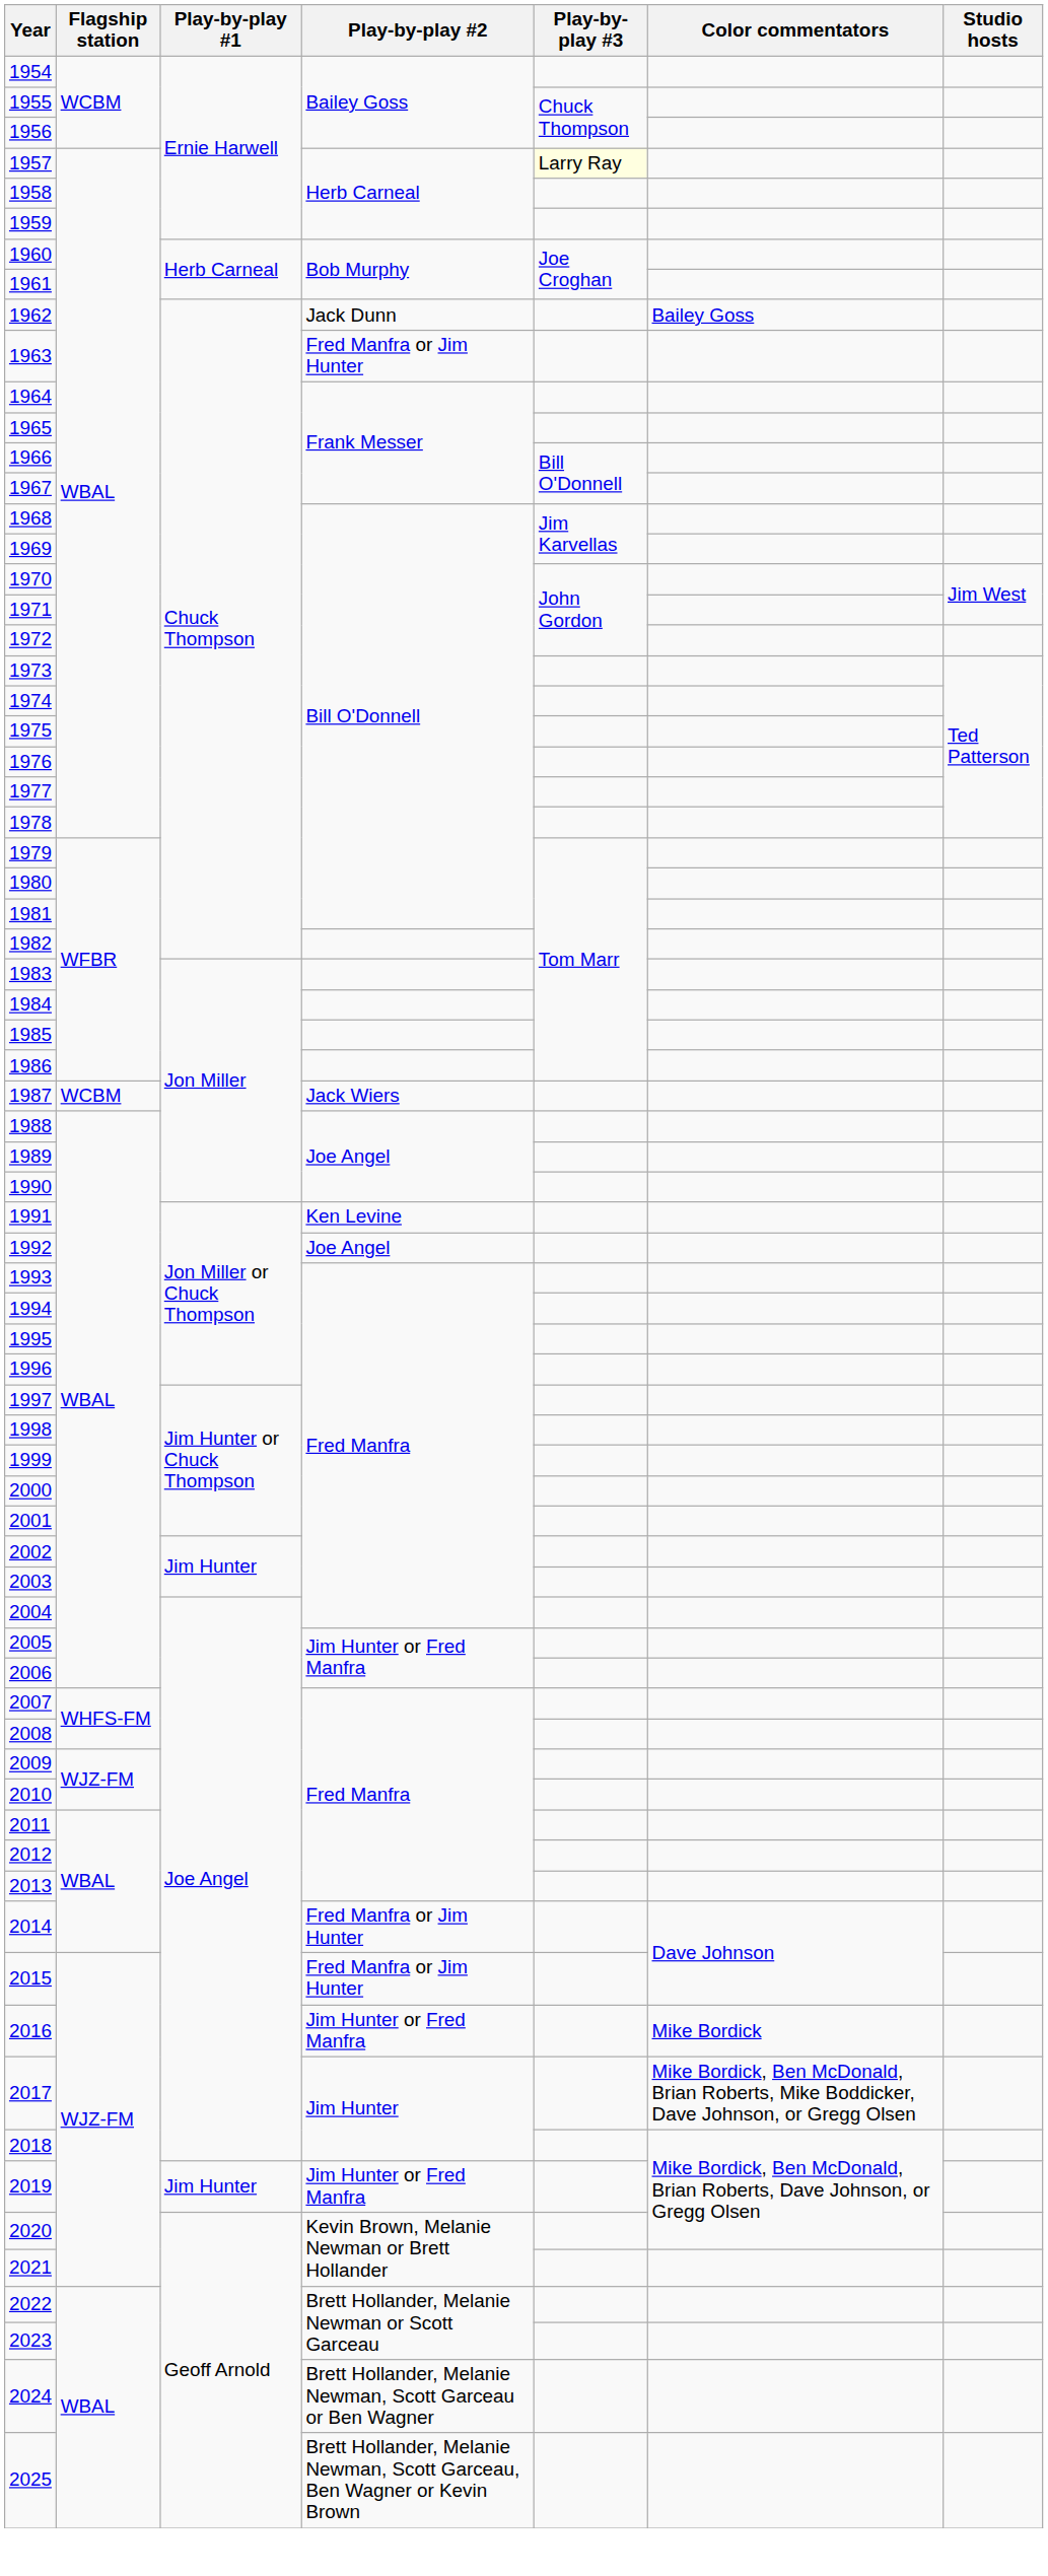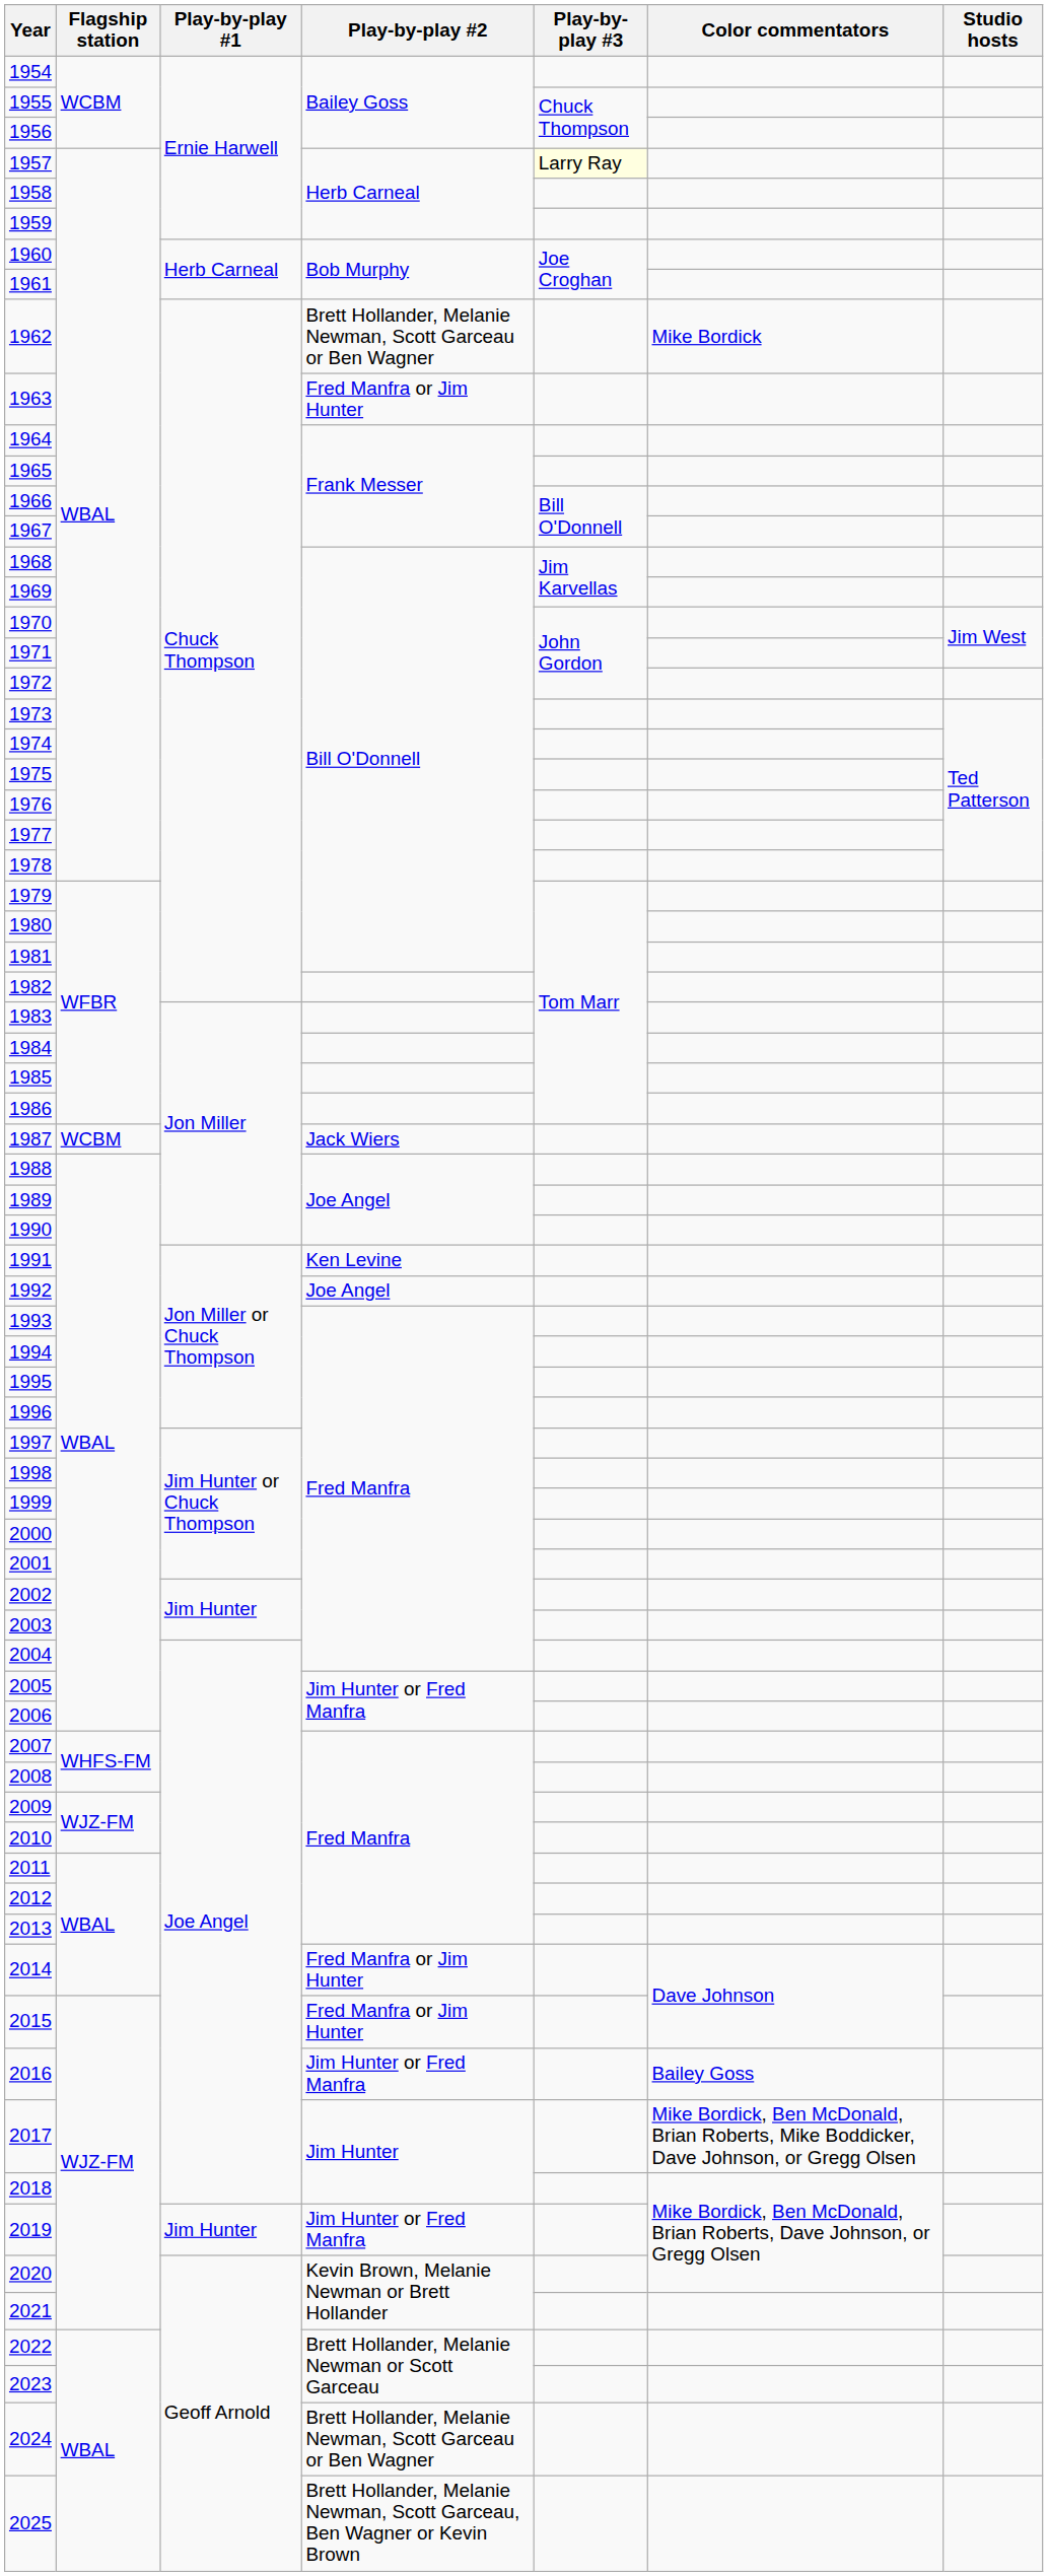 <table class="wikitable">
 <tr>
 <th>Year</th>
 <th>Flagship station</th>
 <th>Play-by-play #1</th>
 <th>Play-by-play #2</th>
 <th>Play-by-play #3</th>
 <th>Color commentators</th>
 <th>Studio hosts</th>
 </tr>
 <tr>
 <td><a href='#'>1954</a></td>
 <td rowspan=3><a href='#'>WCBM</a></td>
 <td rowspan=6><a href='#'>Ernie Harwell</a></td>
 <td rowspan=3><a href='#'>Bailey Goss</a></td>
 <td></td>
 <td></td>
 <td></td>
 </tr>
 <tr>
 <td><a href='#'>1955</a></td>
 <td rowspan=2><a href='#'>Chuck Thompson</a></td>
 <td></td>
 <td></td>
 </tr>
 <tr>
 <td><a href='#'>1956</a></td>
 <td></td>
 <td></td>
 </tr>
 <tr>
 <td><a href='#'>1957</a></td>
 <td rowspan=22><a href='#'>WBAL</a></td>
 <td rowspan=3><a href='#'>Herb Carneal</a></td>
 <td style="background: lightyellow;">Larry Ray</td>
 <td></td>
 <td></td>
 </tr>
 <tr>
 <td><a href='#'>1958</a></td>
 <td></td>
 <td></td>
 <td></td>
 </tr>
 <tr>
 <td><a href='#'>1959</a></td>
 <td></td>
 <td></td>
 <td></td>
 </tr>
 <tr>
 <td><a href='#'>1960</a></td>
 <td rowspan=2><a href='#'>Herb Carneal</a></td>
 <td rowspan=2><a href='#'>Bob Murphy</a></td>
 <td rowspan=2><a href='#'>Joe Croghan</a></td>
 <td></td>
 <td></td>
 </tr>
 <tr>
 <td><a href='#'>1961</a></td>
 <td></td>
 <td></td>
 </tr>
 <tr>
 <td><a href='#'>1962</a></td>
 <td rowspan=21><a href='#'>Chuck Thompson</a></td>
-<td>Jack Dunn</td>
+<td>Brett Hollander, Melanie Newman, Scott Garceau or Ben Wagner</td>
 <td></td>
-<td><a href='#'>Bailey Goss</a></td>
+<td><a href='#'>Mike Bordick</a></td>
 <td></td>
 </tr>
 <tr>
 <td><a href='#'>1963</a></td>
 <td><a href='#'>Fred Manfra</a> or <a href='#'>Jim Hunter</a></td>
 <td></td>
 <td></td>
 <td></td>
 </tr>
 <tr>
 <td><a href='#'>1964</a></td>
 <td rowspan=4><a href='#'>Frank Messer</a></td>
 <td></td>
 <td></td>
 <td></td>
 </tr>
 <tr>
 <td><a href='#'>1965</a></td>
 <td></td>
 <td></td>
 <td></td>
 </tr>
 <tr>
 <td><a href='#'>1966</a></td>
 <td rowspan=2><a href='#'>Bill O'Donnell</a></td>
 <td></td>
 <td></td>
 </tr>
 <tr>
 <td><a href='#'>1967</a></td>
 <td></td>
 <td></td>
 </tr>
 <tr>
 <td><a href='#'>1968</a></td>
 <td rowspan=14><a href='#'>Bill O'Donnell</a></td>
 <td rowspan=2><a href='#'>Jim Karvellas</a></td>
 <td></td>
 <td></td>
 </tr>
 <tr>
 <td><a href='#'>1969</a></td>
 <td></td>
 <td></td>
 </tr>
 <tr>
 <td><a href='#'>1970</a></td>
 <td rowspan=3><a href='#'>John Gordon</a></td>
 <td></td>
 <td rowspan=2><a href='#'>Jim West</a></td>
 </tr>
 <tr>
 <td><a href='#'>1971</a></td>
 <td></td>
 </tr>
 <tr>
 <td><a href='#'>1972</a></td>
 <td></td>
 <td></td>
 </tr>
 <tr>
 <td><a href='#'>1973</a></td>
 <td></td>
 <td></td>
 <td rowspan=6><a href='#'>Ted Patterson</a></td>
 </tr>
 <tr>
 <td><a href='#'>1974</a></td>
 <td></td>
 <td></td>
 </tr>
 <tr>
 <td><a href='#'>1975</a></td>
 <td></td>
 <td></td>
 </tr>
 <tr>
 <td><a href='#'>1976</a></td>
 <td></td>
 <td></td>
 </tr>
 <tr>
 <td><a href='#'>1977</a></td>
 <td></td>
 <td></td>
 </tr>
 <tr>
 <td><a href='#'>1978</a></td>
 <td></td>
 <td></td>
 </tr>
 <tr>
 <td><a href='#'>1979</a></td>
 <td rowspan=8><a href='#'>WFBR</a></td>
 <td rowspan=8><a href='#'>Tom Marr</a></td>
 <td></td>
 </tr>
 <tr>
 <td><a href='#'>1980</a></td>
 <td></td>
 <td></td>
 </tr>
 <tr>
 <td><a href='#'>1981</a></td>
 <td></td>
 <td></td>
 </tr>
 <tr>
 <td><a href='#'>1982</a></td>
 <td></td>
 <td></td>
 <td></td>
 </tr>
 <tr>
 <td><a href='#'>1983</a></td>
 <td rowspan=8><a href='#'>Jon Miller</a></td>
 <td></td>
 <td></td>
 <td></td>
 </tr>
 <tr>
 <td><a href='#'>1984</a></td>
 <td></td>
 <td></td>
 <td></td>
 </tr>
 <tr>
 <td><a href='#'>1985</a></td>
 <td></td>
 <td></td>
 <td></td>
 </tr>
 <tr>
 <td><a href='#'>1986</a></td>
 <td></td>
 <td></td>
 <td></td>
 </tr>
 <tr>
 <td><a href='#'>1987</a></td>
 <td><a href='#'>WCBM</a></td>
 <td><a href='#'>Jack Wiers</a></td>
 <td></td>
 <td></td>
 <td></td>
 </tr>
 <tr>
 <td><a href='#'>1988</a></td>
 <td rowspan=19><a href='#'>WBAL</a></td>
 <td rowspan=3><a href='#'>Joe Angel</a></td>
 <td></td>
 <td></td>
 <td></td>
 </tr>
 <tr>
 <td><a href='#'>1989</a></td>
 <td></td>
 <td></td>
 <td></td>
 </tr>
 <tr>
 <td><a href='#'>1990</a></td>
 <td></td>
 <td></td>
 <td></td>
 </tr>
 <tr>
 <td><a href='#'>1991</a></td>
 <td rowspan=6><a href='#'>Jon Miller</a> or <a href='#'>Chuck Thompson</a></td>
 <td><a href='#'>Ken Levine</a></td>
 <td></td>
 <td></td>
 <td></td>
 </tr>
 <tr>
 <td><a href='#'>1992</a></td>
 <td><a href='#'>Joe Angel</a></td>
 <td></td>
 <td></td>
 <td></td>
 </tr>
 <tr>
 <td><a href='#'>1993</a></td>
 <td rowspan=12><a href='#'>Fred Manfra</a></td>
 <td></td>
 <td></td>
 <td></td>
 </tr>
 <tr>
 <td><a href='#'>1994</a></td>
 <td></td>
 <td></td>
 <td></td>
 </tr>
 <tr>
 <td><a href='#'>1995</a></td>
 <td></td>
 <td></td>
 <td></td>
 </tr>
 <tr>
 <td><a href='#'>1996</a></td>
 <td></td>
 <td></td>
 <td></td>
 </tr>
 <tr>
 <td><a href='#'>1997</a></td>
 <td rowspan=5><a href='#'>Jim Hunter</a> or <a href='#'>Chuck Thompson</a></td>
 <td></td>
 <td></td>
 <td></td>
 </tr>
 <tr>
 <td><a href='#'>1998</a></td>
 <td></td>
 <td></td>
 <td></td>
 </tr>
 <tr>
 <td><a href='#'>1999</a></td>
 <td></td>
 <td></td>
 <td></td>
 </tr>
 <tr>
 <td><a href='#'>2000</a></td>
 <td></td>
 <td></td>
 <td></td>
 </tr>
 <tr>
 <td><a href='#'>2001</a></td>
 <td></td>
 <td></td>
 <td></td>
 </tr>
 <tr>
 <td><a href='#'>2002</a></td>
 <td rowspan=2><a href='#'>Jim Hunter</a></td>
 <td></td>
 <td></td>
 <td></td>
 </tr>
 <tr>
 <td><a href='#'>2003</a></td>
 <td></td>
 <td></td>
 <td></td>
 </tr>
 <tr>
 <td><a href='#'>2004</a></td>
 <td rowspan=15><a href='#'>Joe Angel</a></td>
 <td></td>
 <td></td>
 <td></td>
 </tr>
 <tr>
 <td><a href='#'>2005</a></td>
 <td rowspan=2><a href='#'>Jim Hunter</a> or <a href='#'>Fred Manfra</a></td>
 <td></td>
 <td></td>
 <td></td>
 </tr>
 <tr>
 <td><a href='#'>2006</a></td>
 <td></td>
 <td></td>
 <td></td>
 </tr>
 <tr>
 <td><a href='#'>2007</a></td>
 <td rowspan=2><a href='#'>WHFS-FM</a></td>
 <td rowspan=7><a href='#'>Fred Manfra</a></td>
 <td></td>
 <td></td>
 <td></td>
 </tr>
 <tr>
 <td><a href='#'>2008</a></td>
 <td></td>
 <td></td>
 <td></td>
 </tr>
 <tr>
 <td><a href='#'>2009</a></td>
 <td rowspan=2><a href='#'>WJZ-FM</a></td>
 <td></td>
 <td></td>
 <td></td>
 </tr>
 <tr>
 <td><a href='#'>2010</a></td>
 <td></td>
 <td></td>
 <td></td>
 </tr>
 <tr>
 <td><a href='#'>2011</a></td>
 <td rowspan=4><a href='#'>WBAL</a></td>
 <td></td>
 <td></td>
 <td></td>
 </tr>
 <tr>
 <td><a href='#'>2012</a></td>
 <td></td>
 <td></td>
 <td></td>
 </tr>
 <tr>
 <td><a href='#'>2013</a></td>
 <td></td>
 <td></td>
 <td></td>
 </tr>
 <tr>
 <td><a href='#'>2014</a></td>
 <td><a href='#'>Fred Manfra</a> or <a href='#'>Jim Hunter</a></td>
 <td></td>
 <td rowspan=2><a href='#'>Dave Johnson</a></td>
 <td></td>
 </tr>
 <tr>
 <td><a href='#'>2015</a></td>
 <td rowspan=7><a href='#'>WJZ-FM</a></td>
 <td><a href='#'>Fred Manfra</a> or <a href='#'>Jim Hunter</a></td>
 <td></td>
 <td></td>
 </tr>
 <tr>
 <td><a href='#'>2016</a></td>
 <td><a href='#'>Jim Hunter</a> or <a href='#'>Fred Manfra</a></td>
 <td></td>
-<td><a href='#'>Mike Bordick</a></td>
+<td><a href='#'>Bailey Goss</a></td>
 <td></td>
 </tr>
 <tr>
 <td><a href='#'>2017</a></td>
 <td rowspan=2><a href='#'>Jim Hunter</a></td>
 <td></td>
 <td><a href='#'>Mike Bordick</a>, <a href='#'>Ben McDonald</a>, Brian Roberts, Mike Boddicker, Dave Johnson, or Gregg Olsen</td>
 <td></td>
 </tr>
 <tr>
 <td><a href='#'>2018</a></td>
 <td></td>
 <td rowspan=3><a href='#'>Mike Bordick</a>, <a href='#'>Ben McDonald</a>, Brian Roberts, Dave Johnson, or Gregg Olsen</td>
 <td></td>
 </tr>
 <tr>
 <td><a href='#'>2019</a></td>
 <td><a href='#'>Jim Hunter</a></td>
 <td><a href='#'>Jim Hunter</a> or <a href='#'>Fred Manfra</a></td>
 <td></td>
 <td></td>
 </tr>
 <tr>
 <td><a href='#'>2020</a></td>
 <td rowspan=6>Geoff Arnold</td>
 <td rowspan=2>Kevin Brown, Melanie Newman or Brett Hollander</td>
 <td></td>
 <td></td>
 </tr>
 <tr>
 <td><a href='#'>2021</a></td>
 <td></td>
 <td></td>
 <td></td>
 </tr>
 <tr>
 <td><a href='#'>2022</a></td>
 <td rowspan= 4><a href='#'>WBAL</a></td>
 <td rowspan= 2>Brett Hollander, Melanie Newman or Scott Garceau</td>
 <td></td>
 <td></td>
 <td></td>
 </tr>
 <tr>
 <td><a href='#'>2023</a></td>
 <td></td>
 <td></td>
 <td></td>
 </tr>
 <tr>
 <td><a href='#'>2024</a></td>
 <td>Brett Hollander, Melanie Newman, Scott Garceau or Ben Wagner</td>
 <td></td>
 <td></td>
 <td></td>
 </tr>
 <tr>
 <td><a href='#'>2025</a></td>
 <td>Brett Hollander, Melanie Newman, Scott Garceau, Ben Wagner or Kevin Brown</td>
 <td></td>
 <td></td>
 <td></td>
 </tr>
 </table>
